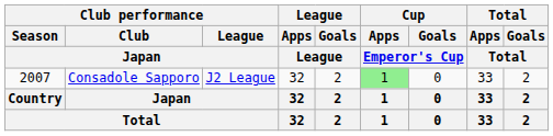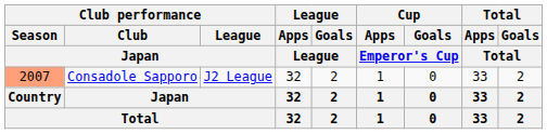 <table class="wikitable" style="text-align:center;">
 <tr>
 <th colspan=3>Club performance</th>
 <th colspan=2>League</th>
 <th colspan=2>Cup</th>
 <th colspan=2>Total</th>
 </tr>
 <tr>
 <th>Season</th>
 <th>Club</th>
 <th>League</th>
 <th>Apps</th>
 <th>Goals</th>
 <th>Apps</th>
 <th>Goals</th>
 <th>Apps</th>
 <th>Goals</th>
 </tr>
 <tr>
 <th colspan=3>Japan</th>
 <th colspan=2>League</th>
 <th colspan=2><a href='#'>Emperor's Cup</a></th>
 <th colspan=2>Total</th>
 </tr>
 <tr>
-<td>2007</td>
+<td style="background: lightsalmon;">2007</td>
 <td><a href='#'>Consadole Sapporo</a></td>
 <td><a href='#'>J2 League</a></td>
 <td>32</td>
 <td>2</td>
-<td style="background: lightgreen;">1</td>
+<td>1</td>
 <td>0</td>
 <td>33</td>
 <td>2</td>
 </tr>
 <tr>
 <th rowspan=1>Country</th>
 <th colspan=2>Japan</th>
 <th>32</th>
 <th>2</th>
 <th>1</th>
 <th>0</th>
 <th>33</th>
 <th>2</th>
 </tr>
 <tr>
 <th colspan=3>Total</th>
 <th>32</th>
 <th>2</th>
 <th>1</th>
 <th>0</th>
 <th>33</th>
 <th>2</th>
 </tr>
 </table>
